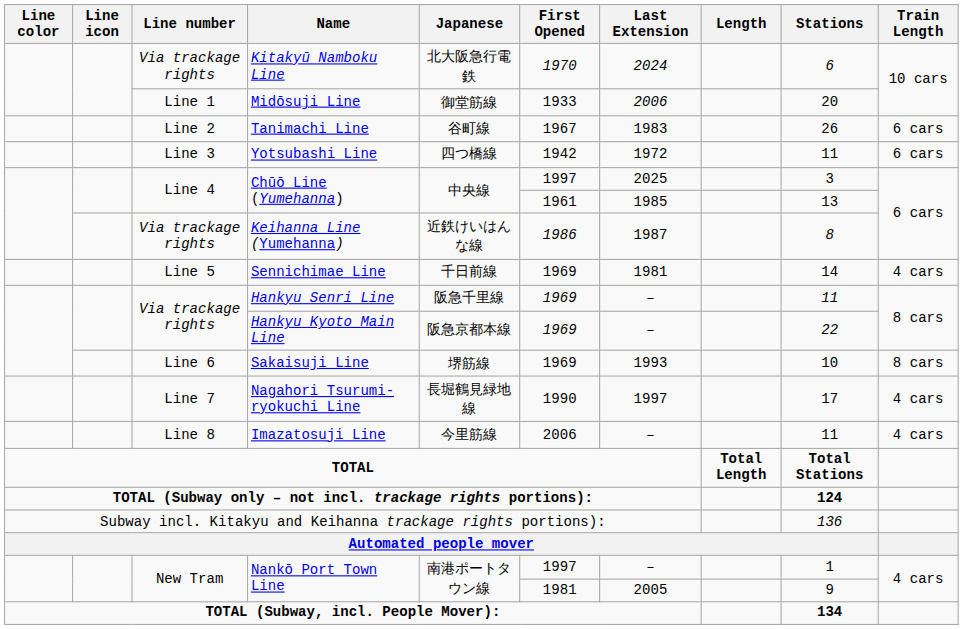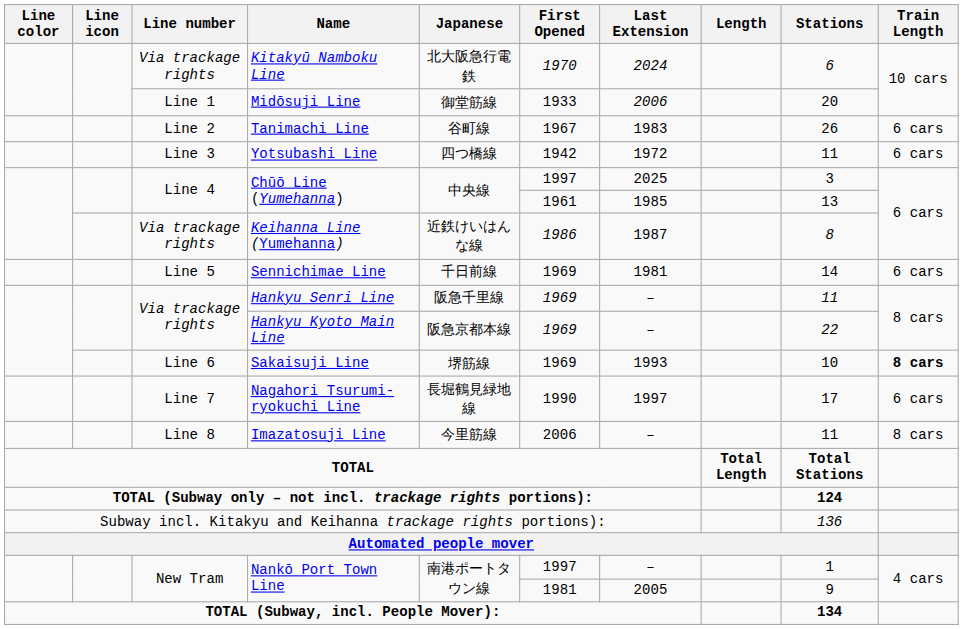 <table class="wikitable sortable" style=margin:auto;font-align:center;text-align:center>
 <tr>
 <th>Line color</th>
 <th>Line icon</th>
 <th>Line number</th>
 <th>Name</th>
 <th>Japanese</th>
 <th>First Opened</th>
 <th>Last Extension</th>
 <th>Length</th>
 <th>Stations</th>
 <th>Train Length</th>
 </tr>
 <tr>
 <td rowspan=2 style="background:#"></td>
 <td rowspan=2 style="text-align:center;"></td>
 <td><em>Via trackage rights</em></td>
 <td style="text-align:left;"><em><a href='#'>Kitakyū Namboku Line</a></em></td>
 <td>北大阪急行電鉄</td>
 <td><em>1970</em></td>
 <td><em>2024</em></td>
 <td></td>
 <td><em>6</em></td>
 <td rowspan="2">10 cars</td>
 </tr>
 <tr>
 <td>Line 1</td>
 <td style="text-align:left;"><a href='#'>Midōsuji Line</a></td>
 <td>御堂筋線</td>
 <td>1933</td>
 <td><em>2006</em></td>
 <td></td>
 <td>20</td>
 </tr>
 <tr>
 <td style="background:#"></td>
 <td style="text-align:center;"></td>
 <td>Line 2</td>
 <td style="text-align:left;"><a href='#'>Tanimachi Line</a></td>
 <td>谷町線</td>
 <td>1967</td>
 <td>1983</td>
 <td></td>
 <td>26</td>
 <td>6 cars</td>
 </tr>
 <tr>
 <td style="background:#"></td>
 <td style="text-align:center;"></td>
 <td>Line 3</td>
 <td style="text-align:left;"><a href='#'>Yotsubashi Line</a></td>
 <td>四つ橋線</td>
 <td>1942</td>
 <td>1972</td>
 <td></td>
 <td>11</td>
 <td>6 cars</td>
 </tr>
 <tr>
 <td rowspan=3 style="background:#"></td>
 <td rowspan=2 style="text-align:center;"></td>
 <td rowspan=2>Line 4</td>
 <td rowspan=2 style="text-align:left;"><a href='#'>Chūō Line</a> (<em><a href='#'>Yumehanna</a></em>)</td>
 <td rowspan=2>中央線</td>
 <td>1997</td>
 <td>2025</td>
 <td></td>
 <td>3</td>
 <td rowspan="3">6 cars</td>
 </tr>
 <tr>
 <td>1961</td>
 <td>1985</td>
 <td></td>
 <td>13</td>
 </tr>
 <tr>
 <td><big></big></td>
 <td><em>Via trackage rights</em></td>
 <td style="text-align:left;"><em><a href='#'>Keihanna Line</a> (</em><a href='#'>Yumehanna</a><em>)</em></td>
 <td>近鉄けいはんな線</td>
 <td><em>1986</em></td>
 <td>1987</td>
 <td><em></em></td>
 <td><em>8</em></td>
 </tr>
 <tr>
 <td style="background:#"></td>
 <td style="text-align:center;"></td>
 <td>Line 5</td>
 <td style="text-align:left;"><a href='#'>Sennichimae Line</a></td>
 <td>千日前線</td>
 <td>1969</td>
 <td>1981</td>
 <td></td>
 <td>14</td>
-<td>4 cars</td>
+<td>6 cars</td>
 </tr>
 <tr>
 <td rowspan=3 style="background:#"></td>
 <td rowspan=2 style="text-align:center;"></td>
 <td rowspan=2><em>Via trackage rights</em></td>
 <td style="text-align:left;"><em><a href='#'>Hankyu Senri Line</a></em></td>
 <td>阪急千里線</td>
 <td><em>1969</em></td>
 <td>–</td>
 <td><em></em></td>
 <td><em>11</em></td>
 <td rowspan="2">8 cars</td>
 </tr>
 <tr>
 <td style="text-align:left;"><em><a href='#'>Hankyu Kyoto Main Line</a></em></td>
 <td>阪急京都本線</td>
 <td><em>1969</em></td>
 <td>–</td>
 <td><em></em></td>
 <td><em>22</em></td>
 </tr>
 <tr>
 <td style="text-align:center;"></td>
 <td>Line 6</td>
 <td style="text-align:left;"><a href='#'>Sakaisuji Line</a></td>
 <td>堺筋線</td>
 <td>1969</td>
 <td>1993</td>
 <td></td>
 <td>10</td>
-<td>8 cars</td>
+<td><strong>8 cars</strong></td>
 </tr>
 <tr>
 <td style="background:#"></td>
 <td style="text-align:center;"></td>
 <td>Line 7</td>
 <td style="text-align:left;"><a href='#'>Nagahori Tsurumi-ryokuchi Line</a></td>
 <td>長堀鶴見緑地線</td>
 <td>1990</td>
 <td>1997</td>
 <td></td>
 <td>17</td>
-<td>4 cars</td>
+<td>6 cars</td>
 </tr>
 <tr>
 <td style="background:#"></td>
 <td style="text-align:center;"></td>
 <td>Line 8</td>
 <td style="text-align:left;"><a href='#'>Imazatosuji Line</a></td>
 <td>今里筋線</td>
 <td>2006</td>
 <td>–</td>
 <td></td>
 <td>11</td>
-<td>4 cars</td>
+<td>8 cars</td>
 </tr>
 <tr>
 <td colspan=7 style="text-align:center;"><strong>TOTAL</strong></td>
 <td><strong>Total Length</strong></td>
 <td><strong>Total Stations</strong></td>
 <td></td>
 </tr>
 <tr>
 <td colspan=7 style="text-align:center;"><strong>TOTAL (Subway only – not incl. <em>trackage rights</em> portions):</strong></td>
 <td><strong></strong></td>
 <td><strong>124</strong></td>
 <td></td>
 </tr>
 <tr>
 <td colspan=7 style="text-align:center;">Subway incl. Kitakyu and Keihanna <em>trackage rights</em> portions):</td>
 <td><em></em></td>
 <td><em>136</em></td>
 <td></td>
 </tr>
 <tr>
 <th colspan=9><a href='#'>Automated people mover</a></th>
 <th></th>
 </tr>
 <tr>
 <td rowspan=2 style="background:#"></td>
 <td rowspan=2 style="text-align:center;"></td>
 <td rowspan=2>New Tram</td>
 <td rowspan=2 style="text-align:left;"><a href='#'>Nankō Port Town Line</a></td>
 <td rowspan=2>南港ポートタウン線</td>
 <td>1997</td>
 <td>–</td>
 <td></td>
 <td>1</td>
 <td rowspan="2">4 cars</td>
 </tr>
 <tr>
 <td>1981</td>
 <td>2005</td>
 <td></td>
 <td>9</td>
 </tr>
 <tr>
 <td colspan=7 style="text-align:center;"><strong>TOTAL (Subway, incl. People Mover):</strong></td>
 <td><strong></strong></td>
 <td><strong>134</strong></td>
 <td></td>
 </tr>
 </table>
